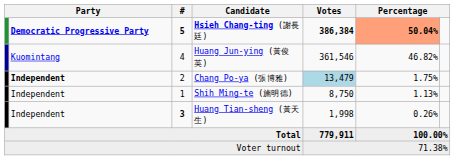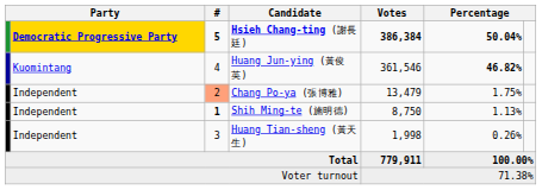 <table class="wikitable">
 <tr>
 <th colspan="2" style="width: 20em">Party</th>
 <th style="width: 2em">#</th>
 <th style="width: 13em">Candidate</th>
 <th style="width: 6em">Votes</th>
 <th colspan="2" style="width: 11em">Percentage</th>
 </tr>
 <tr>
 <td style="color:inherit;background:#1B9431"></td>
-<td align="left"><strong> <a href='#'>Democratic Progressive Party</a></strong></td>
+<td align="left" style="background: gold;"><strong> <a href='#'>Democratic Progressive Party</a></strong></td>
 <td align="center"><strong>5</strong></td>
 <td align="left"><strong><a href='#'>Hsieh Chang-ting</a></strong> (謝長廷)</td>
 <td align="right"><strong>386,384</strong></td>
-<td align="right" style="background: lightsalmon;"><strong>50.04%</strong></td>
+<td align="right"><strong>50.04%</strong></td>
 <td align="right"> </td>
 </tr>
 <tr>
 <td style="color:inherit;background:#000099"></td>
 <td align="left"> <a href='#'>Kuomintang</a></td>
 <td align="center">4</td>
 <td align="left"><a href='#'>Huang Jun-ying</a> (黃俊英)</td>
 <td align="right">361,546</td>
-<td align="right">46.82%</td>
+<td align="right"><strong>46.82%</strong></td>
 <td align="right"></td>
 </tr>
 <tr>
 <td style="color:inherit;background:#000000"></td>
-<td align="left"><strong>Independent</strong></td>
-<td align="center">2</td>
+<td align="left">Independent</td>
+<td align="center" style="background: lightsalmon;">2</td>
 <td align="left"><a href='#'>Chang Po-ya</a> (張博雅)</td>
-<td align="right" style="background: lightblue;">13,479</td>
+<td align="right">13,479</td>
 <td align="right">1.75%</td>
 <td align="right"></td>
 </tr>
 <tr>
 <td style="color:inherit;background:#000000"></td>
 <td align="left">Independent</td>
-<td align="center">1</td>
+<td align="center"><strong>1</strong></td>
 <td align="left"><a href='#'>Shih Ming-te</a> (施明德)</td>
 <td align="right">8,750</td>
 <td align="right">1.13%</td>
 <td align="right"></td>
 </tr>
 <tr>
 <td style="color:inherit;background:#000000"></td>
 <td align="left">Independent</td>
-<td align="center"><strong>3</strong></td>
+<td align="center">3</td>
 <td align="left"><a href='#'>Huang Tian-sheng</a> (黃天生)</td>
 <td align="right">1,998</td>
 <td align="right">0.26%</td>
 <td align="right"></td>
 </tr>
 <tr bgcolor="#EEEEEE">
 <td colspan="4" align="right"><strong>Total</strong></td>
 <td align="right"><strong>779,911</strong></td>
 <td colspan="2" align="right"><strong>100.00%</strong></td>
 </tr>
 <tr bgcolor="#EEEEEE">
 <td colspan="4" align="right">Voter turnout</td>
 <td colspan="3" align="right">71.38%</td>
 </tr>
 </table>
